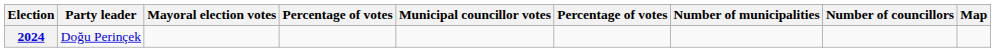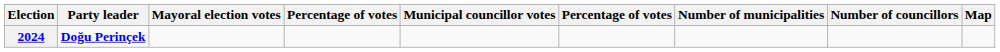 <table class="wikitable" style="text-align: center; border:none">
 <tr>
 <th>Election</th>
 <th>Party leader</th>
 <th>Mayoral election votes</th>
 <th>Percentage of votes</th>
 <th>Municipal councillor votes</th>
 <th>Percentage of votes</th>
 <th>Number of municipalities</th>
 <th>Number of councillors</th>
 <th>Map</th>
 </tr>
 <tr>
 <th><strong><a href='#'>2024</a></strong></th>
-<td><a href='#'>Doğu Perinçek</a></td>
+<td><strong><a href='#'>Doğu Perinçek</a></strong></td>
 <td></td>
 <td></td>
 <td></td>
 <td></td>
 <td></td>
 <td></td>
 <td></td>
 </tr>
 <tr>
 </tr>
 </table>
